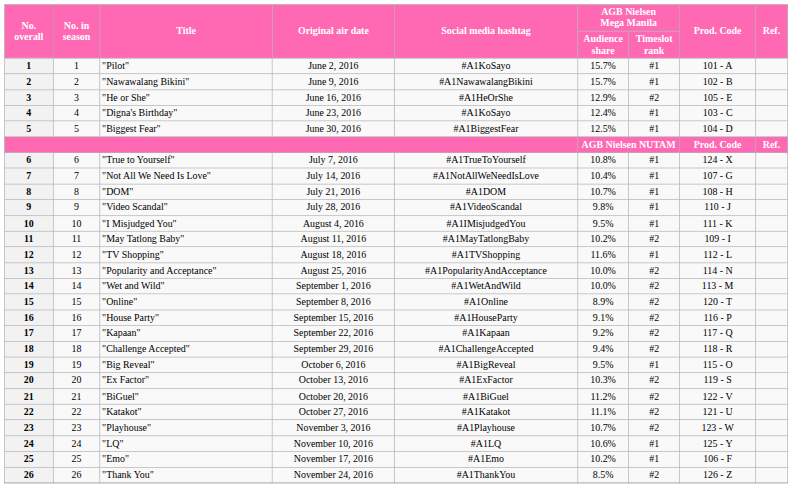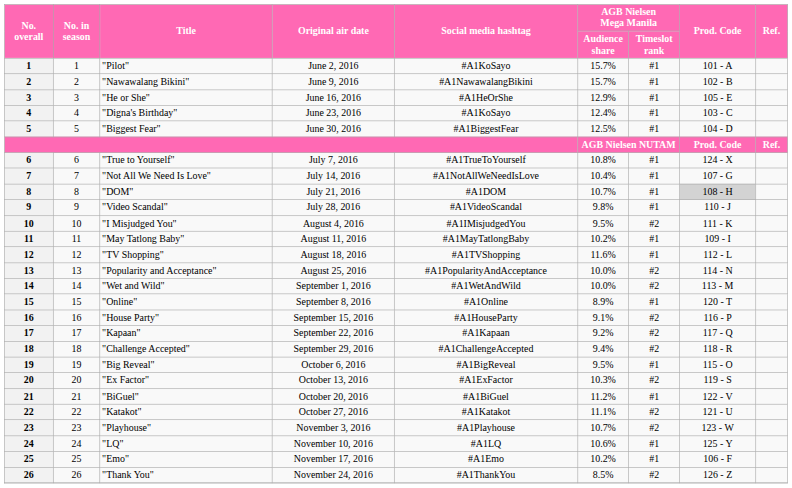 <table class="wikitable" style="text-align:center; font-size:100%; line-height:18px;" width="100%">
 <tr>
 <th style="background-color:#FF69B4; color:white;" rowspan="2">No.<br>overall</th>
 <th style="background-color:#FF69B4; color:white;" rowspan="2">No. in<br>season</th>
 <th style="background-color:#FF69B4; color:white" rowspan="2">Title</th>
 <th style="background-color:#FF69B4; color:white" rowspan="2">Original air date</th>
 <th style="background-color:#FF69B4; color:white" rowspan="2">Social media hashtag</th>
 <th style="background-color:#FF69B4; color:#ffffff;" colspan="2">AGB Nielsen<br>Mega Manila</th>
 <th style="background-color:#FF69B4; color:#ffffff;" rowspan="2">Prod. Code</th>
 <th style="background-color:#FF69B4; color:#ffffff;" rowspan="2">Ref.</th>
 </tr>
 <tr>
 <th style="background-color:#FF69B4; width:75px; color:#ffffff;">Audience share</th>
 <th style="background-color:#FF69B4; width:75px; color:#ffffff;">Timeslot<br>rank</th>
 </tr>
 <tr>
 <th>1</th>
 <td>1</td>
 <td style="text-align: left;">"Pilot"</td>
 <td>June 2, 2016</td>
 <td>#A1KoSayo</td>
 <td>15.7%</td>
 <td>#1</td>
 <td>101 - A</td>
 <td></td>
 </tr>
 <tr>
 <th>2</th>
 <td>2</td>
 <td style="text-align: left;">"Nawawalang Bikini"</td>
 <td>June 9, 2016</td>
 <td>#A1NawawalangBikini</td>
 <td>15.7%</td>
 <td>#1</td>
 <td>102 - B</td>
 <td></td>
 </tr>
 <tr>
 <th>3</th>
 <td>3</td>
 <td style="text-align: left;">"He or She"</td>
 <td>June 16, 2016</td>
 <td>#A1HeOrShe</td>
 <td>12.9%</td>
-<td>#2</td>
+<td>#1</td>
 <td>105 - E</td>
 <td></td>
 </tr>
 <tr>
 <th>4</th>
 <td>4</td>
 <td style="text-align: left;">"Digna's Birthday"</td>
 <td>June 23, 2016</td>
 <td>#A1KoSayo</td>
 <td>12.4%</td>
 <td>#1</td>
 <td>103 - C</td>
 <td></td>
 </tr>
 <tr>
 <th>5</th>
 <td>5</td>
 <td style="text-align: left;">"Biggest Fear"</td>
 <td>June 30, 2016</td>
 <td>#A1BiggestFear</td>
 <td>12.5%</td>
 <td>#1</td>
 <td>104 - D</td>
 <td></td>
 </tr>
 <tr>
 <th style="background-color:#FF69B4; color:#ffffff;" colspan="5"></th>
 <th style="background-color:#FF69B4; color:#ffffff;" colspan="2">AGB Nielsen NUTAM</th>
 <th style="background-color:#FF69B4; color:#ffffff;">Prod. Code</th>
 <th style="background-color:#FF69B4; color:#ffffff;">Ref.</th>
 </tr>
 <tr>
 <th>6</th>
 <td>6</td>
 <td style="text-align: left;">"True to Yourself"</td>
 <td>July 7, 2016</td>
 <td>#A1TrueToYourself</td>
 <td>10.8%</td>
 <td>#1</td>
 <td>124 - X</td>
 <td></td>
 </tr>
 <tr>
 <th>7</th>
 <td>7</td>
 <td style="text-align: left;">"Not All We Need Is Love"</td>
 <td>July 14, 2016</td>
 <td>#A1NotAllWeNeedIsLove</td>
 <td>10.4%</td>
 <td>#1</td>
 <td>107 - G</td>
 <td></td>
 </tr>
 <tr>
 <th>8</th>
 <td>8</td>
 <td style="text-align: left;">"DOM"</td>
 <td>July 21, 2016</td>
 <td>#A1DOM</td>
 <td>10.7%</td>
 <td>#1</td>
-<td>108 - H</td>
+<td style="background: lightgrey;">108 - H</td>
 <td></td>
 </tr>
 <tr>
 <th>9</th>
 <td>9</td>
 <td style="text-align: left;">"Video Scandal"</td>
 <td>July 28, 2016</td>
 <td>#A1VideoScandal</td>
 <td>9.8%</td>
 <td>#1</td>
 <td>110 - J</td>
 <td></td>
 </tr>
 <tr>
 <th>10</th>
 <td>10</td>
 <td style="text-align: left;">"I Misjudged You"</td>
 <td>August 4, 2016</td>
 <td>#A1IMisjudgedYou</td>
 <td>9.5%</td>
-<td>#1</td>
+<td>#2</td>
 <td>111 - K</td>
 <td></td>
 </tr>
 <tr>
 <th>11</th>
 <td>11</td>
 <td style="text-align: left;">"May Tatlong Baby"</td>
 <td>August 11, 2016</td>
 <td>#A1MayTatlongBaby</td>
 <td>10.2%</td>
-<td>#2</td>
+<td>#1</td>
 <td>109 - I</td>
 <td></td>
 </tr>
 <tr>
 <th>12</th>
 <td>12</td>
 <td style="text-align: left;">"TV Shopping"</td>
 <td>August 18, 2016</td>
 <td>#A1TVShopping</td>
 <td>11.6%</td>
 <td>#1</td>
 <td>112 - L</td>
 <td></td>
 </tr>
 <tr>
 <th>13</th>
 <td>13</td>
 <td style="text-align: left;">"Popularity and Acceptance"</td>
 <td>August 25, 2016</td>
 <td>#A1PopularityAndAcceptance</td>
 <td>10.0%</td>
 <td>#2</td>
 <td>114 - N</td>
 <td></td>
 </tr>
 <tr>
 <th>14</th>
 <td>14</td>
 <td style="text-align: left;">"Wet and Wild"</td>
 <td>September 1, 2016</td>
 <td>#A1WetAndWild</td>
 <td>10.0%</td>
 <td>#2</td>
 <td>113 - M</td>
 <td></td>
 </tr>
 <tr>
 <th>15</th>
 <td>15</td>
 <td style="text-align: left;">"Online"</td>
 <td>September 8, 2016</td>
 <td>#A1Online</td>
 <td>8.9%</td>
-<td>#2</td>
+<td>#1</td>
 <td>120 - T</td>
 <td></td>
 </tr>
 <tr>
 <th>16</th>
 <td>16</td>
 <td style="text-align: left;">"House Party"</td>
 <td>September 15, 2016</td>
 <td>#A1HouseParty</td>
 <td>9.1%</td>
 <td>#2</td>
 <td>116 - P</td>
 <td></td>
 </tr>
 <tr>
 <th>17</th>
 <td>17</td>
 <td style="text-align: left;">"Kapaan"</td>
 <td>September 22, 2016</td>
 <td>#A1Kapaan</td>
 <td>9.2%</td>
 <td>#2</td>
 <td>117 - Q</td>
 <td></td>
 </tr>
 <tr>
 <th>18</th>
 <td>18</td>
 <td style="text-align: left;">"Challenge Accepted"</td>
 <td>September 29, 2016</td>
 <td>#A1ChallengeAccepted</td>
 <td>9.4%</td>
 <td>#2</td>
 <td>118 - R</td>
 <td></td>
 </tr>
 <tr>
 <th>19</th>
 <td>19</td>
 <td style="text-align: left;">"Big Reveal"</td>
 <td>October 6, 2016</td>
 <td>#A1BigReveal</td>
 <td>9.5%</td>
 <td>#1</td>
 <td>115 - O</td>
 <td></td>
 </tr>
 <tr>
 <th>20</th>
 <td>20</td>
 <td style="text-align: left;">"Ex Factor"</td>
 <td>October 13, 2016</td>
 <td>#A1ExFactor</td>
 <td>10.3%</td>
 <td>#2</td>
 <td>119 - S</td>
 <td></td>
 </tr>
 <tr>
 <th>21</th>
 <td>21</td>
 <td style="text-align: left;">"BiGuel"</td>
 <td>October 20, 2016</td>
 <td>#A1BiGuel</td>
 <td>11.2%</td>
-<td>#2</td>
+<td>#1</td>
 <td>122 - V</td>
 <td></td>
 </tr>
 <tr>
 <th>22</th>
 <td>22</td>
 <td style="text-align: left;">"Katakot"</td>
 <td>October 27, 2016</td>
 <td>#A1Katakot</td>
 <td>11.1%</td>
 <td>#2</td>
 <td>121 - U</td>
 <td></td>
 </tr>
 <tr>
 <th>23</th>
 <td>23</td>
 <td style="text-align: left;">"Playhouse"</td>
 <td>November 3, 2016</td>
 <td>#A1Playhouse</td>
 <td>10.7%</td>
 <td>#2</td>
 <td>123 - W</td>
 <td></td>
 </tr>
 <tr>
 <th>24</th>
 <td>24</td>
 <td style="text-align: left;">"LQ"</td>
 <td>November 10, 2016</td>
 <td>#A1LQ</td>
 <td>10.6%</td>
 <td>#1</td>
 <td>125 - Y</td>
 <td></td>
 </tr>
 <tr>
 <th>25</th>
 <td>25</td>
 <td style="text-align: left;">"Emo"</td>
 <td>November 17, 2016</td>
 <td>#A1Emo</td>
 <td>10.2%</td>
 <td>#1</td>
 <td>106 - F</td>
 <td></td>
 </tr>
 <tr>
 <th>26</th>
 <td>26</td>
 <td style="text-align: left;">"Thank You"</td>
 <td>November 24, 2016</td>
 <td>#A1ThankYou</td>
 <td>8.5%</td>
 <td>#2</td>
 <td>126 - Z</td>
 <td></td>
 </tr>
 <tr>
 </tr>
 </table>
